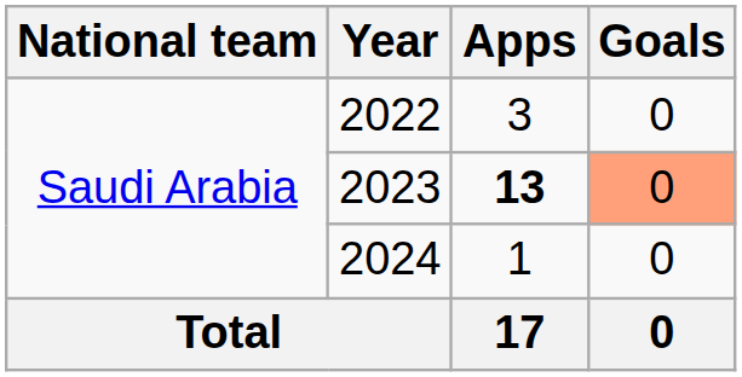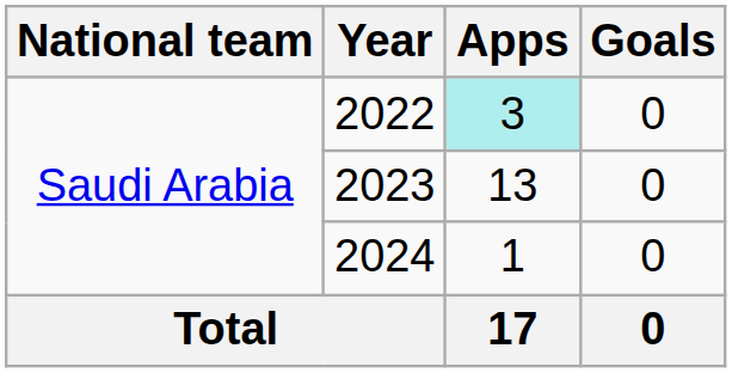 <table class="wikitable" style="text-align:center">
 <tr>
 <th>National team</th>
 <th>Year</th>
 <th>Apps</th>
 <th>Goals</th>
 </tr>
 <tr>
 <td rowspan="3"><a href='#'>Saudi Arabia</a></td>
 <td>2022</td>
-<td>3</td>
+<td style="background: paleturquoise;">3</td>
 <td>0</td>
 </tr>
 <tr>
 <td>2023</td>
-<td><strong>13</strong></td>
-<td style="background: lightsalmon;">0</td>
+<td>13</td>
+<td>0</td>
 </tr>
 <tr>
 <td>2024</td>
 <td>1</td>
 <td>0</td>
 </tr>
 <tr>
 <th colspan="2">Total</th>
 <th>17</th>
 <th>0</th>
 </tr>
 </table>
